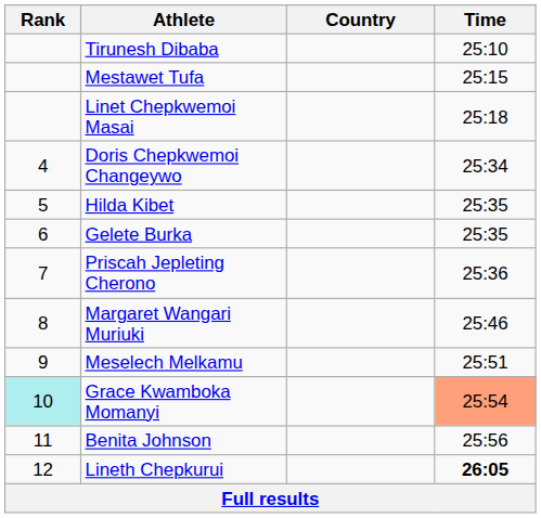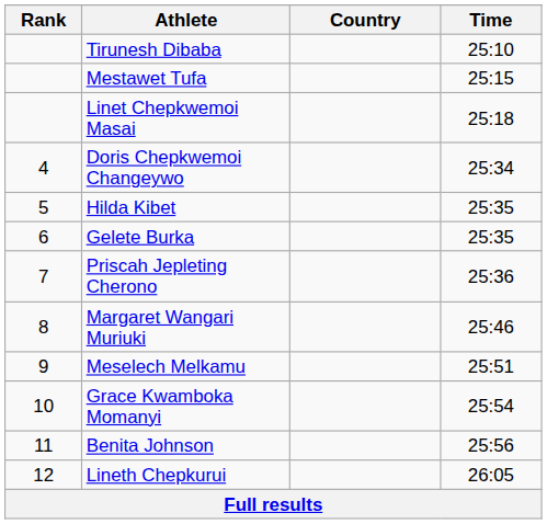 <table class="wikitable sortable" style=" text-align:center; font-size:95%;" width="50%">
 <tr>
 </tr>
 <tr>
 <th width=5%>Rank</th>
 <th width=20%>Athlete</th>
 <th width=15%>Country</th>
 <th width=10%>Time</th>
 </tr>
 <tr>
 <td align=center></td>
 <td align=left><a href='#'>Tirunesh Dibaba</a></td>
 <td align=left></td>
 <td>25:10</td>
 </tr>
 <tr>
 <td align=center></td>
 <td align=left><a href='#'>Mestawet Tufa</a></td>
 <td align=left></td>
 <td>25:15</td>
 </tr>
 <tr>
 <td align=center></td>
 <td align=left><a href='#'>Linet Chepkwemoi Masai</a></td>
 <td align=left></td>
 <td>25:18</td>
 </tr>
 <tr>
 <td align=center>4</td>
 <td align=left><a href='#'>Doris Chepkwemoi Changeywo</a></td>
 <td align=left></td>
 <td>25:34</td>
 </tr>
 <tr>
 <td align=center>5</td>
 <td align=left><a href='#'>Hilda Kibet</a></td>
 <td align=left></td>
 <td>25:35</td>
 </tr>
 <tr>
 <td align=center>6</td>
 <td align=left><a href='#'>Gelete Burka</a></td>
 <td align=left></td>
 <td>25:35</td>
 </tr>
 <tr>
 <td align=center>7</td>
 <td align=left><a href='#'>Priscah Jepleting Cherono</a></td>
 <td align=left></td>
 <td>25:36</td>
 </tr>
 <tr>
 <td align=center>8</td>
 <td align=left><a href='#'>Margaret Wangari Muriuki</a></td>
 <td align=left></td>
 <td>25:46</td>
 </tr>
 <tr>
 <td align=center>9</td>
 <td align=left><a href='#'>Meselech Melkamu</a></td>
 <td align=left></td>
 <td>25:51</td>
 </tr>
 <tr>
-<td align=center style="background: paleturquoise;">10</td>
+<td align=center>10</td>
 <td align=left><a href='#'>Grace Kwamboka Momanyi</a></td>
 <td align=left></td>
-<td style="background: lightsalmon;">25:54</td>
+<td>25:54</td>
 </tr>
 <tr>
 <td align=center>11</td>
 <td align=left><a href='#'>Benita Johnson</a></td>
 <td align=left></td>
 <td>25:56</td>
 </tr>
 <tr>
 <td align=center>12</td>
 <td align=left><a href='#'>Lineth Chepkurui</a></td>
 <td align=left></td>
-<td><strong>26:05</strong></td>
+<td>26:05</td>
 </tr>
 <tr class="sortbottom">
 <th colspan=4 align=center><a href='#'>Full results</a></th>
 </tr>
 </table>
